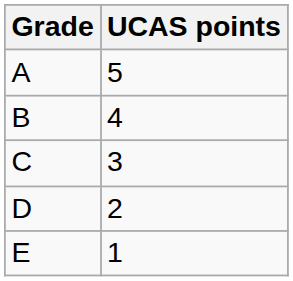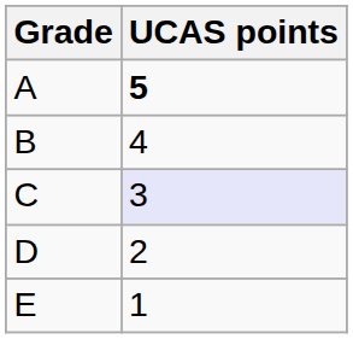 <table class="wikitable">
 <tr>
 <th>Grade</th>
 <th>UCAS points</th>
 </tr>
 <tr>
 <td>A</td>
-<td>5</td>
+<td><strong>5</strong></td>
 </tr>
 <tr>
 <td>B</td>
 <td>4</td>
 </tr>
 <tr>
 <td>C</td>
-<td>3</td>
+<td style="background: lavender;">3</td>
 </tr>
 <tr>
 <td>D</td>
 <td>2</td>
 </tr>
 <tr>
 <td>E</td>
 <td>1</td>
 </tr>
 </table>
